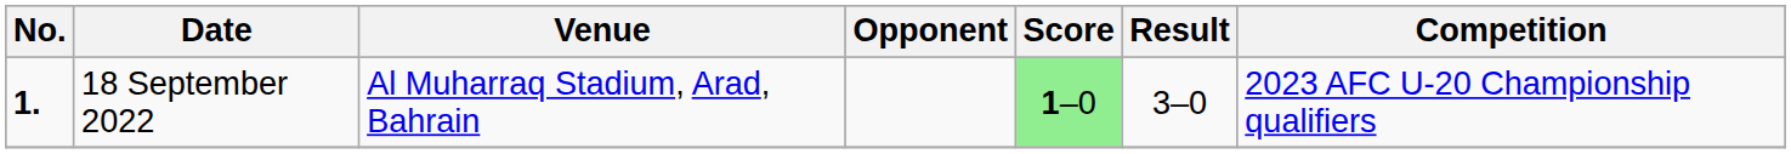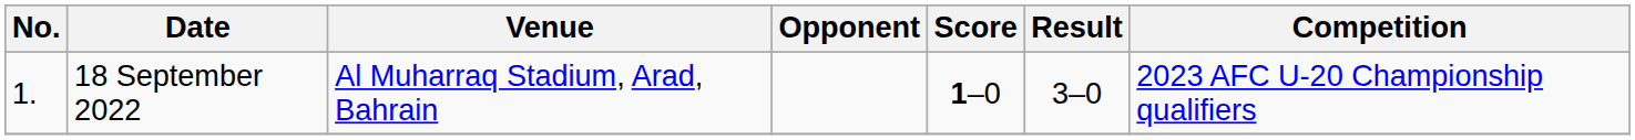 <table class="wikitable" style="font-size:100%;">
 <tr>
 <th>No.</th>
 <th>Date</th>
 <th>Venue</th>
 <th>Opponent</th>
 <th>Score</th>
 <th>Result</th>
 <th>Competition</th>
 </tr>
 <tr>
-<td><strong>1.</strong></td>
+<td>1.</td>
 <td>18 September 2022</td>
 <td><a href='#'>Al Muharraq Stadium</a>, <a href='#'>Arad</a>, <a href='#'>Bahrain</a></td>
 <td></td>
-<td align=center style="background: lightgreen;"><strong>1</strong>–0</td>
+<td align=center><strong>1</strong>–0</td>
 <td align=center>3–0</td>
 <td><a href='#'>2023 AFC U-20 Championship qualifiers</a></td>
 </tr>
 <tr>
 </tr>
 </table>
